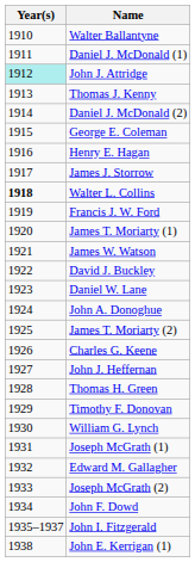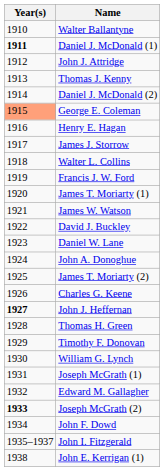 <table class="wikitable">
 <tr>
 <th>Year(s)</th>
 <th>Name</th>
 </tr>
 <tr>
 <td>1910</td>
 <td><a href='#'>Walter Ballantyne</a></td>
 </tr>
 <tr>
-<td>1911</td>
+<td><strong>1911</strong></td>
 <td><a href='#'>Daniel J. McDonald</a> (1)</td>
 </tr>
 <tr>
-<td style="background: paleturquoise;">1912</td>
+<td>1912</td>
 <td><a href='#'>John J. Attridge</a></td>
 </tr>
 <tr>
 <td>1913</td>
 <td><a href='#'>Thomas J. Kenny</a></td>
 </tr>
 <tr>
 <td>1914</td>
 <td><a href='#'>Daniel J. McDonald</a> (2)</td>
 </tr>
 <tr>
-<td>1915</td>
+<td style="background: lightsalmon;">1915</td>
 <td><a href='#'>George E. Coleman</a></td>
 </tr>
 <tr>
 <td>1916</td>
 <td><a href='#'>Henry E. Hagan</a></td>
 </tr>
 <tr>
 <td>1917</td>
 <td><a href='#'>James J. Storrow</a></td>
 </tr>
 <tr>
-<td><strong>1918</strong></td>
+<td>1918</td>
 <td><a href='#'>Walter L. Collins</a></td>
 </tr>
 <tr>
 <td>1919</td>
 <td><a href='#'>Francis J. W. Ford</a></td>
 </tr>
 <tr>
 <td>1920</td>
 <td><a href='#'>James T. Moriarty</a> (1)</td>
 </tr>
 <tr>
 <td>1921</td>
 <td><a href='#'>James W. Watson</a></td>
 </tr>
 <tr>
 <td>1922</td>
 <td><a href='#'>David J. Buckley</a></td>
 </tr>
 <tr>
 <td>1923</td>
 <td><a href='#'>Daniel W. Lane</a></td>
 </tr>
 <tr>
 <td>1924</td>
 <td><a href='#'>John A. Donoghue</a></td>
 </tr>
 <tr>
 <td>1925</td>
 <td><a href='#'>James T. Moriarty</a> (2)</td>
 </tr>
 <tr>
 <td>1926</td>
 <td><a href='#'>Charles G. Keene</a></td>
 </tr>
 <tr>
-<td>1927</td>
+<td><strong>1927</strong></td>
 <td><a href='#'>John J. Heffernan</a></td>
 </tr>
 <tr>
 <td>1928</td>
 <td><a href='#'>Thomas H. Green</a></td>
 </tr>
 <tr>
 <td>1929</td>
 <td><a href='#'>Timothy F. Donovan</a></td>
 </tr>
 <tr>
 <td>1930</td>
 <td><a href='#'>William G. Lynch</a></td>
 </tr>
 <tr>
 <td>1931</td>
 <td><a href='#'>Joseph McGrath</a> (1)</td>
 </tr>
 <tr>
 <td>1932</td>
 <td><a href='#'>Edward M. Gallagher</a></td>
 </tr>
 <tr>
-<td>1933</td>
+<td><strong>1933</strong></td>
 <td><a href='#'>Joseph McGrath</a> (2)</td>
 </tr>
 <tr>
 <td>1934</td>
 <td><a href='#'>John F. Dowd</a></td>
 </tr>
 <tr>
 <td>1935–1937</td>
 <td><a href='#'>John I. Fitzgerald</a></td>
 </tr>
 <tr>
 <td>1938</td>
 <td><a href='#'>John E. Kerrigan</a> (1)</td>
 </tr>
 </table>
